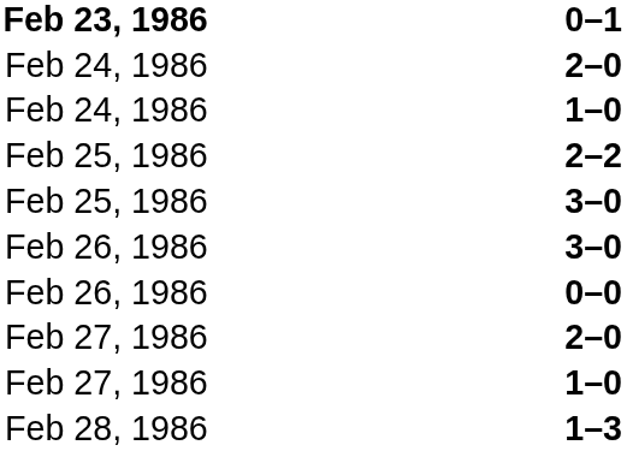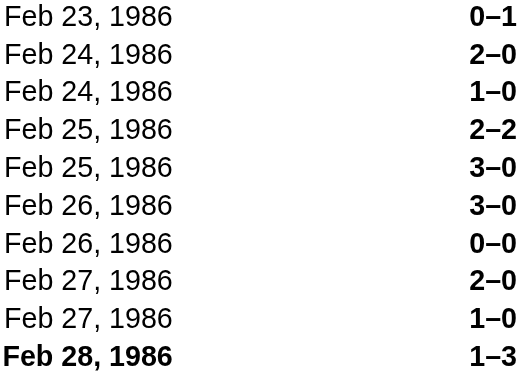 <table width=100% cellspacing=1 style=font-size:90%>
 <tr>
 <th width=120></th>
 <th width=120></th>
 <th width=70></th>
 <th width=120></th>
 <th></th>
 </tr>
 <tr>
-<td align=right><strong>Feb 23, 1986</strong></td>
+<td align=right>Feb 23, 1986</td>
 <td align=right><strong></strong></td>
 <td align=center><strong>0–1</strong></td>
 <td><strong></strong></td>
 </tr>
 <tr>
 <td align=right>Feb 24, 1986</td>
 <td align=right><strong></strong></td>
 <td align=center><strong>2–0</strong></td>
 <td><strong></strong></td>
 </tr>
 <tr>
 <td align=right>Feb 24, 1986</td>
 <td align=right><strong></strong></td>
 <td align=center><strong>1–0</strong></td>
 <td><strong></strong></td>
 </tr>
 <tr>
 <td align=right>Feb 25, 1986</td>
 <td align=right><strong></strong></td>
 <td align=center><strong>2–2</strong></td>
 <td><strong></strong></td>
 </tr>
 <tr>
 <td align=right>Feb 25, 1986</td>
 <td align=right><strong></strong></td>
 <td align=center><strong>3–0</strong></td>
 <td><strong></strong></td>
 </tr>
 <tr>
 <td align=right>Feb 26, 1986</td>
 <td align=right><strong></strong></td>
 <td align=center><strong>3–0</strong></td>
 <td><strong></strong></td>
 </tr>
 <tr>
 <td align=right>Feb 26, 1986</td>
 <td align=right><strong></strong></td>
 <td align=center><strong>0–0</strong></td>
 <td><strong></strong></td>
 </tr>
 <tr>
 <td align=right>Feb 27, 1986</td>
 <td align=right><strong></strong></td>
 <td align=center><strong>2–0</strong></td>
 <td><strong></strong></td>
 </tr>
 <tr>
 <td align=right>Feb 27, 1986</td>
 <td align=right><strong></strong></td>
 <td align=center><strong>1–0</strong></td>
 <td><strong></strong></td>
 </tr>
 <tr>
-<td align=right>Feb 28, 1986</td>
+<td align=right><strong>Feb 28, 1986</strong></td>
 <td align=right><strong></strong></td>
 <td align=center><strong>1–3</strong></td>
 <td><strong></strong></td>
 </tr>
 </table>
